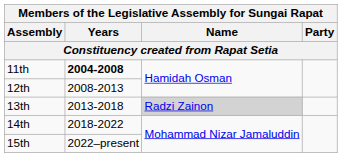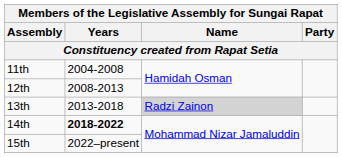 <table class="wikitable">
 <tr>
 <th colspan="4">Members of the Legislative Assembly for Sungai Rapat</th>
 </tr>
 <tr>
 <th>Assembly</th>
 <th>Years</th>
 <th>Name</th>
 <th>Party</th>
 </tr>
 <tr>
 <th colspan="4"><em>Constituency created from Rapat Setia</em></th>
 </tr>
 <tr>
 <td>11th</td>
-<td><strong>2004-2008</strong></td>
+<td>2004-2008</td>
 <td rowspan="2"><a href='#'>Hamidah Osman</a></td>
 <td rowspan="2"></td>
 </tr>
 <tr>
 <td>12th</td>
 <td>2008-2013</td>
 </tr>
 <tr>
 <td>13th</td>
 <td>2013-2018</td>
 <td style="background: lightgrey;"><a href='#'>Radzi Zainon</a></td>
 <td></td>
 </tr>
 <tr>
 <td>14th</td>
-<td>2018-2022</td>
+<td><strong>2018-2022</strong></td>
 <td rowspan="2"><a href='#'>Mohammad Nizar Jamaluddin</a></td>
 <td rowspan="2"></td>
 </tr>
 <tr>
 <td>15th</td>
 <td>2022–present</td>
 </tr>
 </table>
